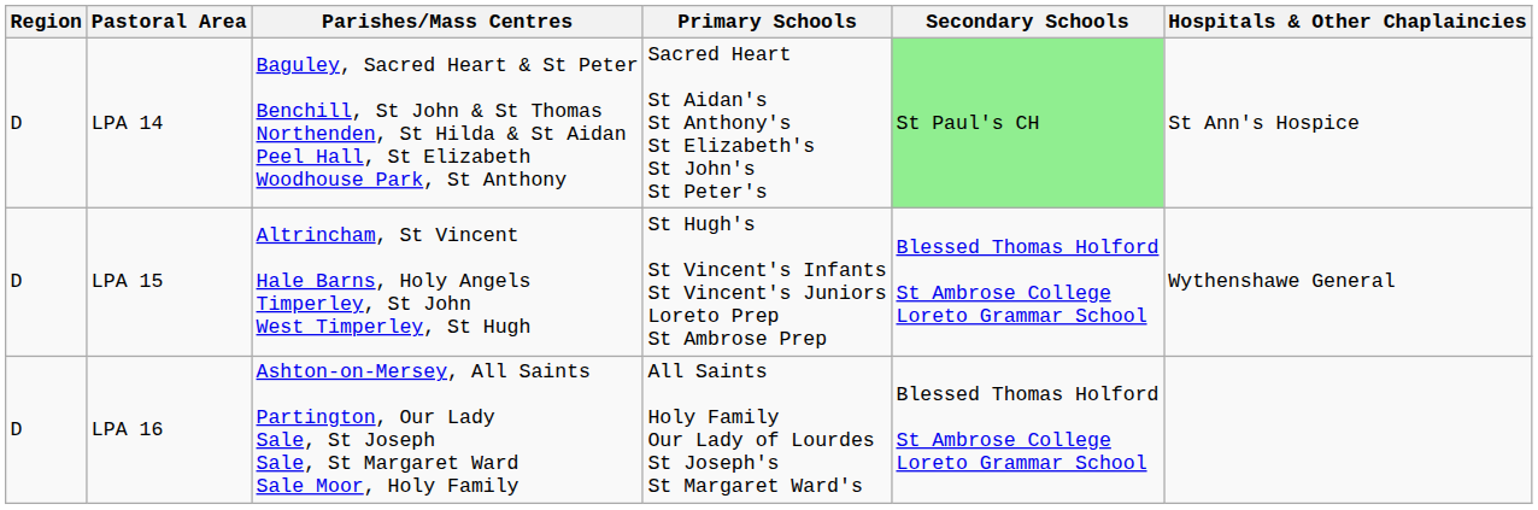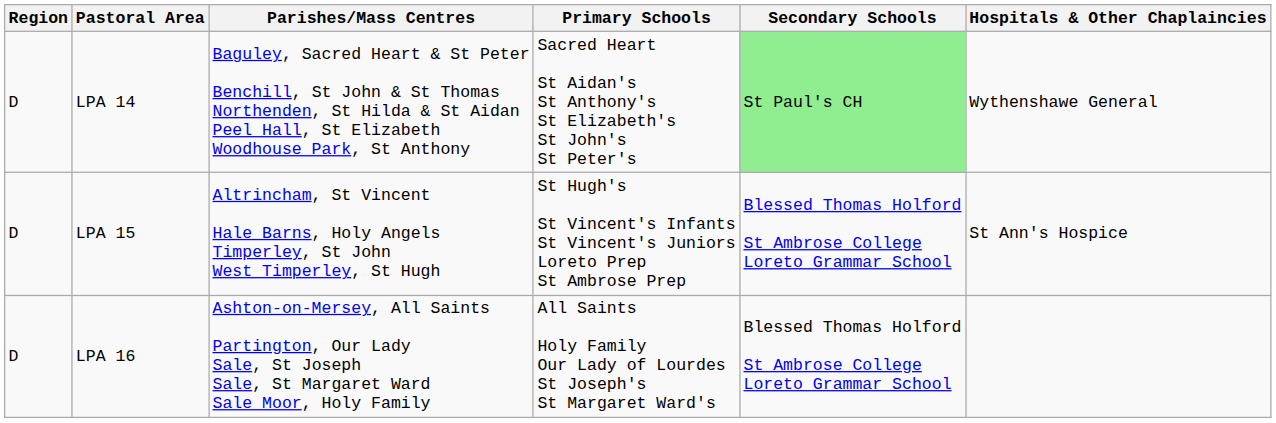 <table class="wikitable">
 <tr>
 <th>Region</th>
 <th>Pastoral Area</th>
 <th>Parishes/Mass Centres</th>
 <th>Primary Schools</th>
 <th>Secondary Schools</th>
 <th>Hospitals & Other Chaplaincies</th>
 </tr>
 <tr>
 <td>D</td>
 <td>LPA 14</td>
 <td><a href='#'>Baguley</a>, Sacred Heart & St Peter <br><br><a href='#'>Benchill</a>, St John & St Thomas<br> <a href='#'>Northenden</a>, St Hilda & St Aidan<br> <a href='#'>Peel Hall</a>, St Elizabeth<br> <a href='#'>Woodhouse Park</a>, St Anthony</td>
 <td>Sacred Heart <br><br>St Aidan's<br> St Anthony's<br> St Elizabeth's<br> St John's<br> St Peter's</td>
 <td style="background: lightgreen;">St Paul's CH</td>
-<td>St Ann's Hospice</td>
+<td>Wythenshawe General</td>
 </tr>
 <tr>
 <td>D</td>
 <td>LPA 15</td>
 <td><a href='#'>Altrincham</a>, St Vincent <br><br><a href='#'>Hale Barns</a>, Holy Angels<br> <a href='#'>Timperley</a>, St John<br> <a href='#'>West Timperley</a>, St Hugh</td>
 <td>St Hugh's<br><br>St Vincent's Infants<br> St Vincent's Juniors<br> Loreto Prep<br> St Ambrose Prep</td>
 <td><a href='#'>Blessed Thomas Holford</a> <br><br><a href='#'>St Ambrose College</a><br> <a href='#'>Loreto Grammar School</a></td>
-<td>Wythenshawe General</td>
+<td>St Ann's Hospice</td>
 </tr>
 <tr>
 <td>D</td>
 <td>LPA 16</td>
 <td><a href='#'>Ashton-on-Mersey</a>, All Saints<br><br><a href='#'>Partington</a>, Our Lady<br> <a href='#'>Sale</a>, St Joseph<br> <a href='#'>Sale</a>, St Margaret Ward <br> <a href='#'>Sale Moor</a>, Holy Family</td>
 <td>All Saints<br><br>Holy Family<br> Our Lady of Lourdes<br> St Joseph's<br> St Margaret Ward's</td>
 <td>Blessed Thomas Holford<br><br><a href='#'>St Ambrose College</a><br> <a href='#'>Loreto Grammar School</a></td>
 <td></td>
 </tr>
 </table>
